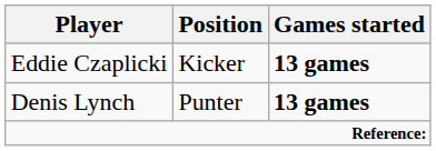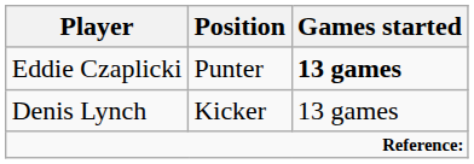 <table class="wikitable">
 <tr>
 <th style="text-align:center; ">Player</th>
 <th style="text-align:center; ">Position</th>
 <th style="text-align:center; ">Games started</th>
 </tr>
 <tr>
 <td>Eddie Czaplicki</td>
-<td>Kicker</td>
+<td>Punter</td>
 <td><strong>13 games</strong></td>
 </tr>
 <tr>
 <td>Denis Lynch</td>
-<td>Punter</td>
-<td><strong>13 games</strong></td>
+<td>Kicker</td>
+<td>13 games</td>
 </tr>
 <tr>
 <td colspan="4"  style="font-size:8pt; text-align:right;"><strong>Reference:</strong></td>
 </tr>
 </table>
